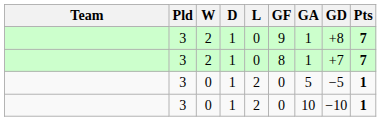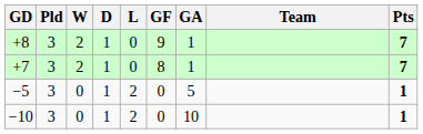 <table class="wikitable" style="text-align:center;">
 <tr>
-<th width=180>Team</th>
+<th width=20>GD</th>
 <th width=20>Pld</th>
 <th width=20>W</th>
 <th width=20>D</th>
 <th width=20>L</th>
 <th width=20>GF</th>
 <th width=20>GA</th>
-<th width=20>GD</th>
+<th width=180>Team</th>
 <th width=20>Pts</th>
 </tr>
 <tr bgcolor=ccffcc>
-<td align="left"></td>
+<td>+8</td>
 <td>3</td>
 <td>2</td>
 <td>1</td>
 <td>0</td>
 <td>9</td>
 <td>1</td>
-<td>+8</td>
+<td align="left"></td>
 <td><strong>7</strong></td>
 </tr>
 <tr bgcolor=ccffcc>
-<td align="left"><em></em></td>
+<td>+7</td>
 <td>3</td>
 <td>2</td>
 <td>1</td>
 <td>0</td>
 <td>8</td>
 <td>1</td>
-<td>+7</td>
+<td align="left"><em></em></td>
 <td><strong>7</strong></td>
 </tr>
 <tr>
-<td align="left"></td>
+<td>−5</td>
 <td>3</td>
 <td>0</td>
 <td>1</td>
 <td>2</td>
 <td>0</td>
 <td>5</td>
-<td>−5</td>
+<td align="left"></td>
 <td><strong>1</strong></td>
 </tr>
 <tr>
-<td align="left"></td>
+<td>−10</td>
 <td>3</td>
 <td>0</td>
 <td>1</td>
 <td>2</td>
 <td>0</td>
 <td>10</td>
-<td>−10</td>
+<td align="left"></td>
 <td><strong>1</strong></td>
 </tr>
 </table>
